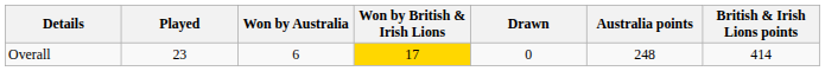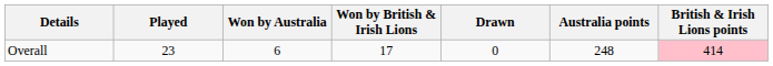 <table class="wikitable">
 <tr>
 <th width="125">Details</th>
 <th width="125">Played</th>
 <th width="125">Won by Australia</th>
 <th width="125">Won by British & Irish Lions</th>
 <th width="125">Drawn</th>
 <th width="125">Australia points</th>
 <th width="125">British & Irish Lions points</th>
 </tr>
 <tr>
 <td>Overall</td>
 <td align="center">23</td>
 <td align="center">6</td>
-<td align="center" style="background: gold;">17</td>
+<td align="center">17</td>
 <td align="center">0</td>
 <td align="center">248</td>
-<td align="center">414</td>
+<td align="center" style="background: pink;">414</td>
 </tr>
 </table>
